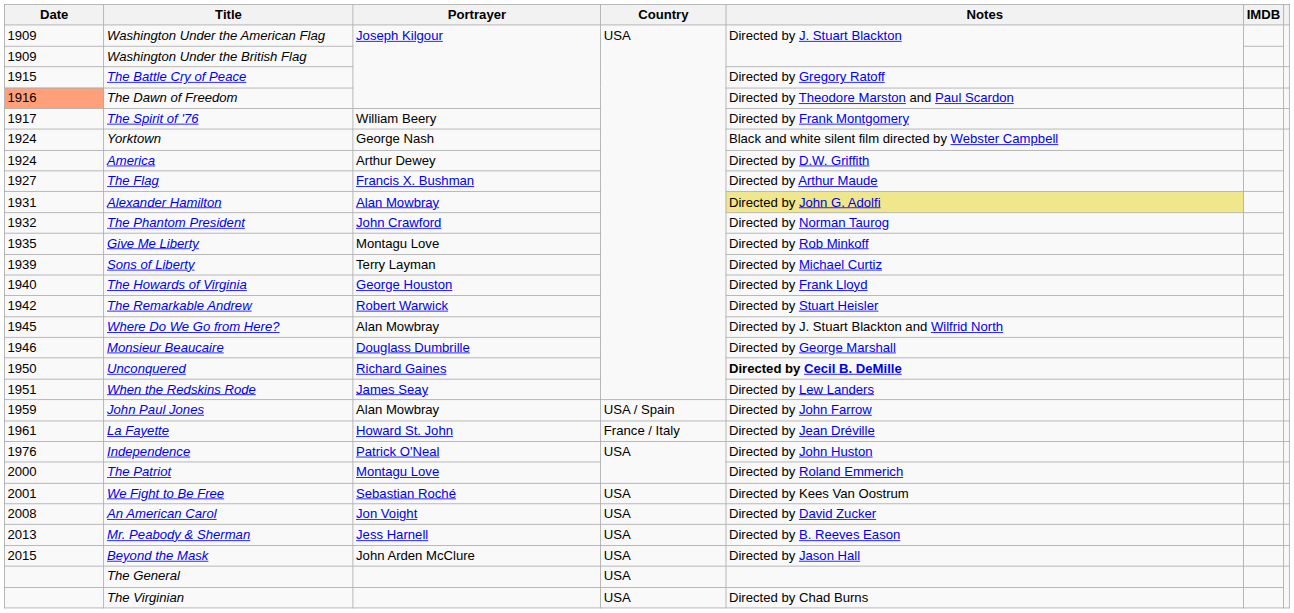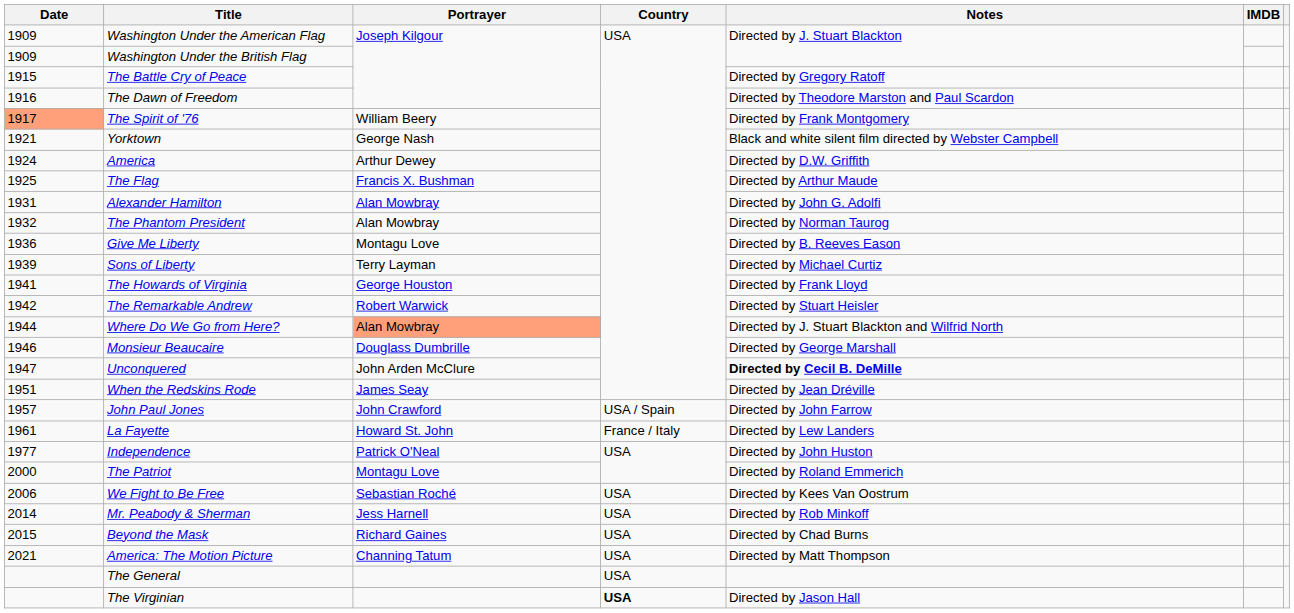 <table class="wikitable sortable">
 <tr>
 <th width="8%">Date</th>
 <th width="20%">Title</th>
 <th width="20%">Portrayer</th>
 <th width="10%">Country</th>
 <th width="53%">Notes</th>
 <th width="5%">IMDB</th>
 <th width="5%"></th>
 </tr>
 <tr valign="top">
 <td>1909</td>
 <td><em>Washington Under the American Flag</em></td>
 <td rowspan=4><a href='#'>Joseph Kilgour</a></td>
 <td rowspan=18>USA</td>
 <td rowspan=2>Directed  by <a href='#'>J. Stuart Blackton</a></td>
 <td></td>
 <td rowspan=2></td>
 </tr>
 <tr valign="top">
 <td>1909</td>
 <td><em>Washington Under the British Flag</em></td>
 <td></td>
 </tr>
 <tr valign="top">
 <td>1915</td>
 <td><em><a href='#'>The Battle Cry of Peace</a></em></td>
 <td>Directed by <a href='#'>Gregory Ratoff</a></td>
 <td></td>
 <td></td>
 </tr>
 <tr valign="top">
-<td style="background: lightsalmon;">1916</td>
+<td>1916</td>
 <td><em>The Dawn of Freedom</em></td>
 <td>Directed  by <a href='#'>Theodore Marston</a> and <a href='#'>Paul Scardon</a></td>
 <td></td>
 <td></td>
 </tr>
 <tr valign="top">
-<td>1917</td>
+<td style="background: lightsalmon;">1917</td>
 <td><em><a href='#'>The Spirit of '76</a></em></td>
 <td>William Beery</td>
 <td>Directed  by <a href='#'>Frank Montgomery</a></td>
 <td></td>
 <td></td>
 </tr>
 <tr valign="top">
-<td>1924</td>
+<td>1921</td>
 <td><em>Yorktown</em></td>
 <td>George Nash</td>
 <td>Black and white silent film directed by <a href='#'>Webster Campbell</a></td>
 <td></td>
 </tr>
 <tr valign="top">
 <td>1924</td>
 <td><em><a href='#'>America</a></em></td>
 <td>Arthur Dewey</td>
 <td>Directed by <a href='#'>D.W. Griffith</a></td>
 <td></td>
 </tr>
 <tr valign="top">
-<td>1927</td>
+<td>1925</td>
 <td><em><a href='#'>The Flag</a></em></td>
 <td><a href='#'>Francis X. Bushman</a></td>
 <td>Directed by <a href='#'>Arthur Maude</a></td>
 <td></td>
 </tr>
 <tr valign="top">
 <td>1931</td>
 <td><em><a href='#'>Alexander Hamilton</a></em></td>
 <td><a href='#'>Alan Mowbray</a></td>
-<td style="background: khaki;">Directed by <a href='#'>John G. Adolfi</a></td>
+<td>Directed by <a href='#'>John G. Adolfi</a></td>
 <td></td>
 </tr>
 <tr valign="top">
 <td>1932</td>
 <td><em><a href='#'>The Phantom President</a></em></td>
-<td><a href='#'>John Crawford</a></td>
+<td>Alan Mowbray</td>
 <td>Directed by <a href='#'>Norman Taurog</a></td>
 <td></td>
 </tr>
 <tr valign="top">
-<td>1935</td>
+<td>1936</td>
 <td><em><a href='#'>Give Me Liberty</a></em></td>
 <td>Montagu Love</td>
-<td>Directed by <a href='#'>Rob Minkoff</a></td>
+<td>Directed by <a href='#'>B. Reeves Eason</a></td>
 <td></td>
 </tr>
 <tr valign="top">
 <td>1939</td>
 <td><em><a href='#'>Sons of Liberty</a></em></td>
 <td>Terry Layman</td>
 <td>Directed by <a href='#'>Michael Curtiz</a></td>
 <td></td>
 </tr>
 <tr valign="top">
-<td>1940</td>
+<td>1941</td>
 <td><em><a href='#'>The Howards of Virginia</a></em></td>
 <td><a href='#'>George Houston</a></td>
 <td>Directed by <a href='#'>Frank Lloyd</a></td>
 <td></td>
 </tr>
 <tr valign="top">
 <td>1942</td>
 <td><em><a href='#'>The Remarkable Andrew</a></em></td>
 <td><a href='#'>Robert Warwick</a></td>
 <td>Directed by <a href='#'>Stuart Heisler</a></td>
 <td></td>
 </tr>
 <tr valign="top">
-<td>1945</td>
+<td>1944</td>
 <td><em><a href='#'>Where Do We Go from Here?</a></em></td>
-<td>Alan Mowbray</td>
+<td style="background: lightsalmon;">Alan Mowbray</td>
 <td>Directed  by J. Stuart Blackton and <a href='#'>Wilfrid North</a></td>
 <td></td>
 </tr>
 <tr valign="top">
 <td>1946</td>
 <td><em><a href='#'>Monsieur Beaucaire</a></em></td>
 <td><a href='#'>Douglass Dumbrille</a></td>
 <td>Directed by <a href='#'>George Marshall</a></td>
 <td></td>
 </tr>
 <tr valign="top">
-<td>1950</td>
+<td>1947</td>
 <td><em><a href='#'>Unconquered</a></em></td>
-<td><a href='#'>Richard Gaines</a></td>
+<td>John Arden McClure</td>
 <td><strong>Directed by <a href='#'>Cecil B. DeMille</a></strong></td>
 <td></td>
 <td></td>
 </tr>
 <tr valign="top">
 <td>1951</td>
 <td><em><a href='#'>When the Redskins Rode</a></em></td>
 <td><a href='#'>James Seay</a></td>
-<td>Directed by <a href='#'>Lew Landers</a></td>
+<td>Directed  by <a href='#'>Jean Dréville</a></td>
 <td></td>
 <td></td>
 </tr>
 <tr valign="top">
-<td>1959</td>
+<td>1957</td>
 <td><em><a href='#'>John Paul Jones</a></em></td>
-<td>Alan Mowbray</td>
+<td><a href='#'>John Crawford</a></td>
 <td>USA / Spain</td>
 <td>Directed by <a href='#'>John Farrow</a></td>
 <td></td>
 <td></td>
 </tr>
 <tr valign="top">
 <td>1961</td>
 <td><em><a href='#'>La Fayette</a></em></td>
 <td><a href='#'>Howard St. John</a></td>
 <td>France / Italy</td>
-<td>Directed  by <a href='#'>Jean Dréville</a></td>
+<td>Directed by <a href='#'>Lew Landers</a></td>
 <td></td>
 <td></td>
 </tr>
 <tr valign="top">
-<td>1976</td>
+<td>1977</td>
 <td><em><a href='#'>Independence</a></em></td>
 <td><a href='#'>Patrick O'Neal</a></td>
 <td rowspan=2>USA</td>
 <td>Directed by <a href='#'>John Huston</a></td>
 <td></td>
 <td></td>
 </tr>
 <tr valign="top">
 <td>2000</td>
 <td><em><a href='#'>The Patriot</a></em></td>
 <td><a href='#'>Montagu Love</a></td>
 <td>Directed by <a href='#'>Roland Emmerich</a></td>
 <td></td>
 <td></td>
 </tr>
 <tr valign="top">
-<td>2001</td>
+<td>2006</td>
 <td><em><a href='#'>We Fight to Be Free</a></em></td>
 <td><a href='#'>Sebastian Roché</a></td>
 <td>USA</td>
 <td>Directed by Kees Van Oostrum</td>
 <td></td>
 <td></td>
 </tr>
 <tr valign="top">
-<td>2008</td>
-<td><em><a href='#'>An American Carol</a></em></td>
-<td><a href='#'>Jon Voight</a></td>
-<td>USA</td>
-<td>Directed by <a href='#'>David Zucker</a></td>
-<td></td>
-<td></td>
-</tr>
-<tr valign="top">
-<td>2013</td>
+<td>2014</td>
 <td><em><a href='#'>Mr. Peabody & Sherman</a></em></td>
 <td><a href='#'>Jess Harnell</a></td>
 <td>USA</td>
-<td>Directed by <a href='#'>B. Reeves Eason</a></td>
+<td>Directed by <a href='#'>Rob Minkoff</a></td>
 <td></td>
 </tr>
 <tr valign="top">
 <td>2015</td>
 <td><em><a href='#'>Beyond the Mask</a></em></td>
-<td>John Arden McClure</td>
+<td><a href='#'>Richard Gaines</a></td>
 <td>USA</td>
-<td>Directed by <a href='#'>Jason Hall</a></td>
+<td>Directed by Chad Burns</td>
+<td></td>
+<td></td>
+</tr>
+<tr valign="top">
+<td>2021</td>
+<td><em><a href='#'>America: The Motion Picture</a></em></td>
+<td><a href='#'>Channing Tatum</a></td>
+<td>USA</td>
+<td>Directed by Matt Thompson</td>
 <td></td>
 <td></td>
 </tr>
 <tr valign="top">
 <td></td>
 <td><em>The General</em></td>
 <td></td>
 <td>USA</td>
 <td></td>
 <td></td>
 </tr>
 <tr valign="top">
 <td></td>
 <td><em>The Virginian</em></td>
 <td></td>
-<td>USA</td>
-<td>Directed by Chad Burns</td>
+<td><strong>USA</strong></td>
+<td>Directed by <a href='#'>Jason Hall</a></td>
 <td></td>
 </tr>
 </table>
